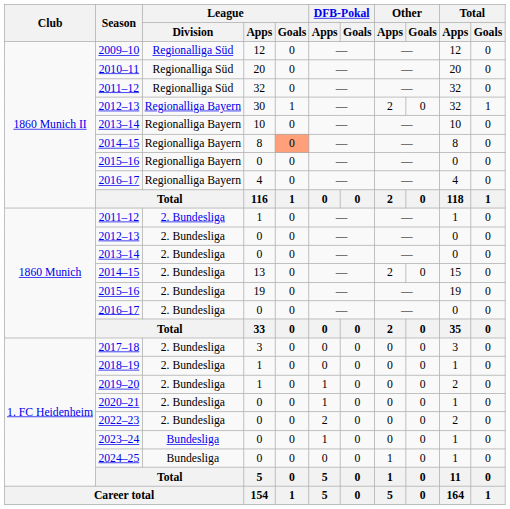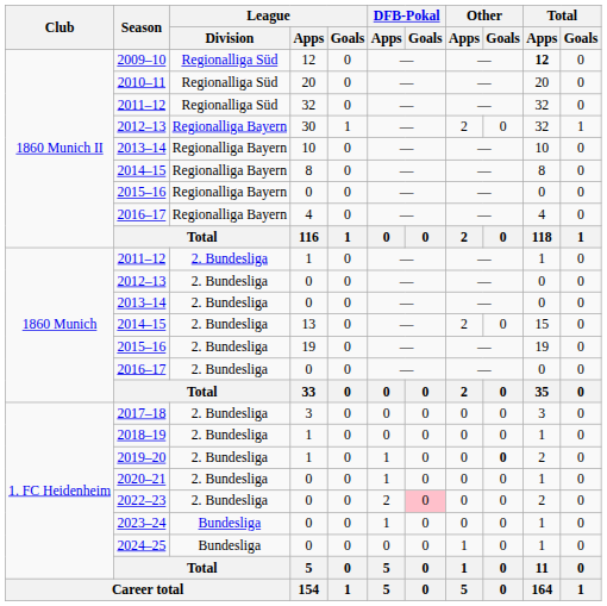 <table class="wikitable" style="text-align:center">
 <tr>
 <th rowspan="2">Club</th>
 <th rowspan="2">Season</th>
 <th Colspan="3">League</th>
 <th Colspan="2"><a href='#'>DFB-Pokal</a></th>
 <th colspan="2">Other</th>
 <th Colspan="2">Total</th>
 </tr>
 <tr>
 <th>Division</th>
 <th>Apps</th>
 <th>Goals</th>
 <th>Apps</th>
 <th>Goals</th>
 <th>Apps</th>
 <th>Goals</th>
 <th>Apps</th>
 <th>Goals</th>
 </tr>
 <tr>
 <td rowspan="9"><a href='#'>1860 Munich II</a></td>
 <td><a href='#'>2009–10</a></td>
 <td><a href='#'>Regionalliga Süd</a></td>
 <td>12</td>
 <td>0</td>
 <td colspan="2">—</td>
 <td colspan="2">—</td>
-<td>12</td>
+<td><strong>12</strong></td>
 <td>0</td>
 </tr>
 <tr>
 <td><a href='#'>2010–11</a></td>
 <td>Regionalliga Süd</td>
 <td>20</td>
 <td>0</td>
 <td colspan="2">—</td>
 <td colspan="2">—</td>
 <td>20</td>
 <td>0</td>
 </tr>
 <tr>
 <td><a href='#'>2011–12</a></td>
 <td>Regionalliga Süd</td>
 <td>32</td>
 <td>0</td>
 <td colspan="2">—</td>
 <td colspan="2">—</td>
 <td>32</td>
 <td>0</td>
 </tr>
 <tr>
 <td><a href='#'>2012–13</a></td>
 <td><a href='#'>Regionalliga Bayern</a></td>
 <td>30</td>
 <td>1</td>
 <td colspan="2">—</td>
 <td>2</td>
 <td>0</td>
 <td>32</td>
 <td>1</td>
 </tr>
 <tr>
 <td><a href='#'>2013–14</a></td>
 <td>Regionalliga Bayern</td>
 <td>10</td>
 <td>0</td>
 <td colspan="2">—</td>
 <td colspan="2">—</td>
 <td>10</td>
 <td>0</td>
 </tr>
 <tr>
 <td><a href='#'>2014–15</a></td>
 <td>Regionalliga Bayern</td>
 <td>8</td>
-<td style="background: lightsalmon;">0</td>
+<td>0</td>
 <td colspan="2">—</td>
 <td colspan="2">—</td>
 <td>8</td>
 <td>0</td>
 </tr>
 <tr>
 <td><a href='#'>2015–16</a></td>
 <td>Regionalliga Bayern</td>
 <td>0</td>
 <td>0</td>
 <td colspan="2">—</td>
 <td colspan="2">—</td>
 <td>0</td>
 <td>0</td>
 </tr>
 <tr>
 <td><a href='#'>2016–17</a></td>
 <td>Regionalliga Bayern</td>
 <td>4</td>
 <td>0</td>
 <td colspan="2">—</td>
 <td colspan="2">—</td>
 <td>4</td>
 <td>0</td>
 </tr>
 <tr>
 <th colspan="2">Total</th>
 <th>116</th>
 <th>1</th>
 <th>0</th>
 <th>0</th>
 <th>2</th>
 <th>0</th>
 <th>118</th>
 <th>1</th>
 </tr>
 <tr>
 <td rowspan="7"><a href='#'>1860 Munich</a></td>
 <td><a href='#'>2011–12</a></td>
 <td><a href='#'>2. Bundesliga</a></td>
 <td>1</td>
 <td>0</td>
 <td colspan="2">—</td>
 <td colspan="2">—</td>
 <td>1</td>
 <td>0</td>
 </tr>
 <tr>
 <td><a href='#'>2012–13</a></td>
 <td>2. Bundesliga</td>
 <td>0</td>
 <td>0</td>
 <td colspan="2">—</td>
 <td colspan="2">—</td>
 <td>0</td>
 <td>0</td>
 </tr>
 <tr>
 <td><a href='#'>2013–14</a></td>
 <td>2. Bundesliga</td>
 <td>0</td>
 <td>0</td>
 <td colspan="2">—</td>
 <td colspan="2">—</td>
 <td>0</td>
 <td>0</td>
 </tr>
 <tr>
 <td><a href='#'>2014–15</a></td>
 <td>2. Bundesliga</td>
 <td>13</td>
 <td>0</td>
 <td colspan="2">—</td>
 <td>2</td>
 <td>0</td>
 <td>15</td>
 <td>0</td>
 </tr>
 <tr>
 <td><a href='#'>2015–16</a></td>
 <td>2. Bundesliga</td>
 <td>19</td>
 <td>0</td>
 <td colspan="2">—</td>
 <td colspan="2">—</td>
 <td>19</td>
 <td>0</td>
 </tr>
 <tr>
 <td><a href='#'>2016–17</a></td>
 <td>2. Bundesliga</td>
 <td>0</td>
 <td>0</td>
 <td colspan="2">—</td>
 <td colspan="2">—</td>
 <td>0</td>
 <td>0</td>
 </tr>
 <tr>
 <th colspan="2">Total</th>
 <th>33</th>
 <th>0</th>
 <th>0</th>
 <th>0</th>
 <th>2</th>
 <th>0</th>
 <th>35</th>
 <th>0</th>
 </tr>
 <tr>
 <td rowspan="8"><a href='#'>1. FC Heidenheim</a></td>
 <td><a href='#'>2017–18</a></td>
 <td>2. Bundesliga</td>
 <td>3</td>
 <td>0</td>
 <td>0</td>
 <td>0</td>
 <td>0</td>
 <td>0</td>
 <td>3</td>
 <td>0</td>
 </tr>
 <tr>
 <td><a href='#'>2018–19</a></td>
 <td>2. Bundesliga</td>
 <td>1</td>
 <td>0</td>
 <td>0</td>
 <td>0</td>
 <td>0</td>
 <td>0</td>
 <td>1</td>
 <td>0</td>
 </tr>
 <tr>
 <td><a href='#'>2019–20</a></td>
 <td>2. Bundesliga</td>
 <td>1</td>
 <td>0</td>
 <td>1</td>
 <td>0</td>
 <td>0</td>
-<td>0</td>
+<td><strong>0</strong></td>
 <td>2</td>
 <td>0</td>
 </tr>
 <tr>
 <td><a href='#'>2020–21</a></td>
 <td>2. Bundesliga</td>
 <td>0</td>
 <td>0</td>
 <td>1</td>
 <td>0</td>
 <td>0</td>
 <td>0</td>
 <td>1</td>
 <td>0</td>
 </tr>
 <tr>
 <td><a href='#'>2022–23</a></td>
 <td>2. Bundesliga</td>
 <td>0</td>
 <td>0</td>
 <td>2</td>
-<td>0</td>
+<td style="background: pink;">0</td>
 <td>0</td>
 <td>0</td>
 <td>2</td>
 <td>0</td>
 </tr>
 <tr>
 <td><a href='#'>2023–24</a></td>
 <td><a href='#'>Bundesliga</a></td>
 <td>0</td>
 <td>0</td>
 <td>1</td>
 <td>0</td>
 <td>0</td>
 <td>0</td>
 <td>1</td>
 <td>0</td>
 </tr>
 <tr>
 <td><a href='#'>2024–25</a></td>
 <td>Bundesliga</td>
 <td>0</td>
 <td>0</td>
 <td>0</td>
 <td>0</td>
 <td>1</td>
 <td>0</td>
 <td>1</td>
 <td>0</td>
 </tr>
 <tr>
 <th colspan="2">Total</th>
 <th>5</th>
 <th>0</th>
 <th>5</th>
 <th>0</th>
 <th>1</th>
 <th>0</th>
 <th>11</th>
 <th>0</th>
 </tr>
 <tr>
 <th colspan="3">Career total</th>
 <th>154</th>
 <th>1</th>
 <th>5</th>
 <th>0</th>
 <th>5</th>
 <th>0</th>
 <th>164</th>
 <th>1</th>
 </tr>
 </table>
